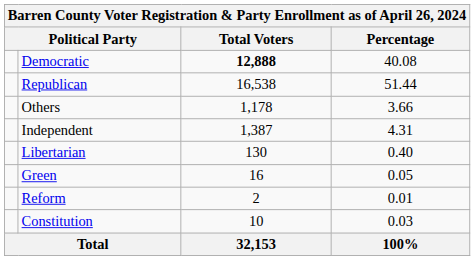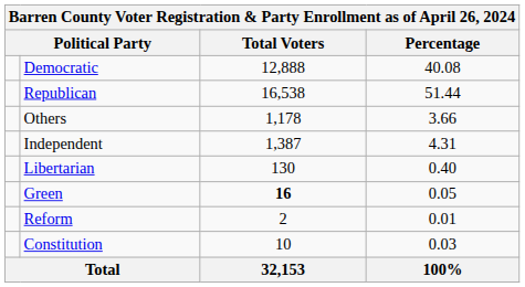 <table class=wikitable>
 <tr>
 <th colspan = 6>Barren County Voter Registration & Party Enrollment as of April 26, 2024</th>
 </tr>
 <tr>
 <th colspan = 2>Political Party</th>
 <th>Total Voters</th>
 <th>Percentage</th>
 </tr>
 <tr>
 <td></td>
 <td><a href='#'>Democratic</a></td>
-<td align = center><strong>12,888</strong></td>
+<td align = center>12,888</td>
 <td align = center>40.08</td>
 </tr>
 <tr>
 <td></td>
 <td><a href='#'>Republican</a></td>
 <td align = center>16,538</td>
 <td align = center>51.44</td>
 </tr>
 <tr>
 <td></td>
 <td>Others</td>
 <td align = center>1,178</td>
 <td align = center>3.66</td>
 </tr>
 <tr>
 <td></td>
 <td>Independent</td>
 <td align = center>1,387</td>
 <td align = center>4.31</td>
 </tr>
 <tr>
 <td></td>
 <td><a href='#'>Libertarian</a></td>
 <td align = center>130</td>
 <td align = center>0.40</td>
 </tr>
 <tr>
 <td></td>
 <td><a href='#'>Green</a></td>
-<td align = center>16</td>
+<td align = center><strong>16</strong></td>
 <td align = center>0.05</td>
 </tr>
 <tr>
 <td></td>
 <td><a href='#'>Reform</a></td>
 <td align = center>2</td>
 <td align = center>0.01</td>
 </tr>
 <tr>
 <td></td>
 <td><a href='#'>Constitution</a></td>
 <td align = center>10</td>
 <td align = center>0.03</td>
 </tr>
 <tr>
 <th colspan = 2>Total</th>
 <th align = center>32,153</th>
 <th align = center>100%</th>
 </tr>
 </table>
